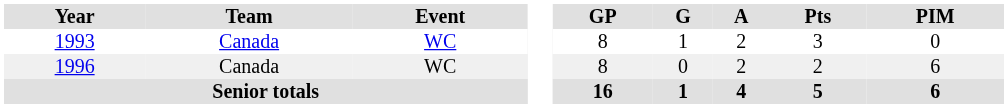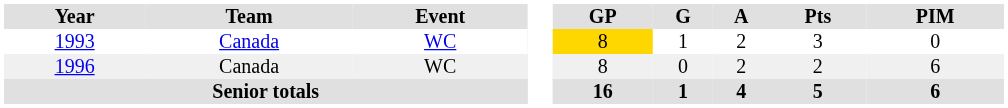 <table border="0" cellpadding="1" cellspacing="0" style="text-align:center; width:50em">
 <tr ALIGN="center" bgcolor="#e0e0e0">
 <th>Year</th>
 <th>Team</th>
 <th>Event</th>
 <th rowspan="99" bgcolor="#ffffff"> </th>
 <th>GP</th>
 <th>G</th>
 <th>A</th>
 <th>Pts</th>
 <th>PIM</th>
 </tr>
 <tr>
 <td><a href='#'>1993</a></td>
 <td><a href='#'>Canada</a></td>
 <td><a href='#'>WC</a></td>
-<td>8</td>
+<td style="background: gold;">8</td>
 <td>1</td>
 <td>2</td>
 <td>3</td>
 <td>0</td>
 </tr>
 <tr bgcolor="#f0f0f0">
 <td><a href='#'>1996</a></td>
 <td>Canada</td>
 <td>WC</td>
 <td>8</td>
 <td>0</td>
 <td>2</td>
 <td>2</td>
 <td>6</td>
 </tr>
 <tr bgcolor="#e0e0e0">
 <th colspan=3>Senior totals</th>
 <th>16</th>
 <th>1</th>
 <th>4</th>
 <th>5</th>
 <th>6</th>
 </tr>
 </table>
